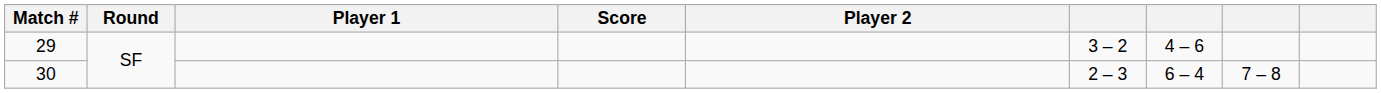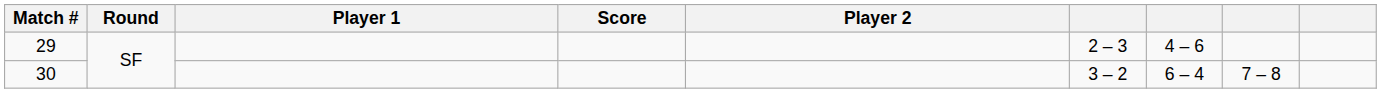 <table class="wikitable">
 <tr>
 <th width="2%">Match #</th>
 <th width="2%">Round</th>
 <th width="15%">Player 1</th>
 <th width="5%">Score</th>
 <th width="15%">Player 2</th>
 <th width="3%"></th>
 <th width="3%"></th>
 <th width="3%"></th>
 <th width="3%"></th>
 </tr>
 <tr style=text-align:center;"background:#;">
 <td>29</td>
 <td rowspan=2>SF</td>
 <td><strong></strong></td>
 <td></td>
 <td></td>
-<td>3 – 2</td>
+<td>2 – 3</td>
 <td>4 – 6</td>
 <td></td>
 <td></td>
 </tr>
 <tr style=text-align:center;"background:#;">
 <td>30</td>
 <td><strong></strong></td>
 <td></td>
 <td></td>
-<td>2 – 3</td>
+<td>3 – 2</td>
 <td>6 – 4</td>
 <td>7 – 8</td>
 <td></td>
 </tr>
 </table>
